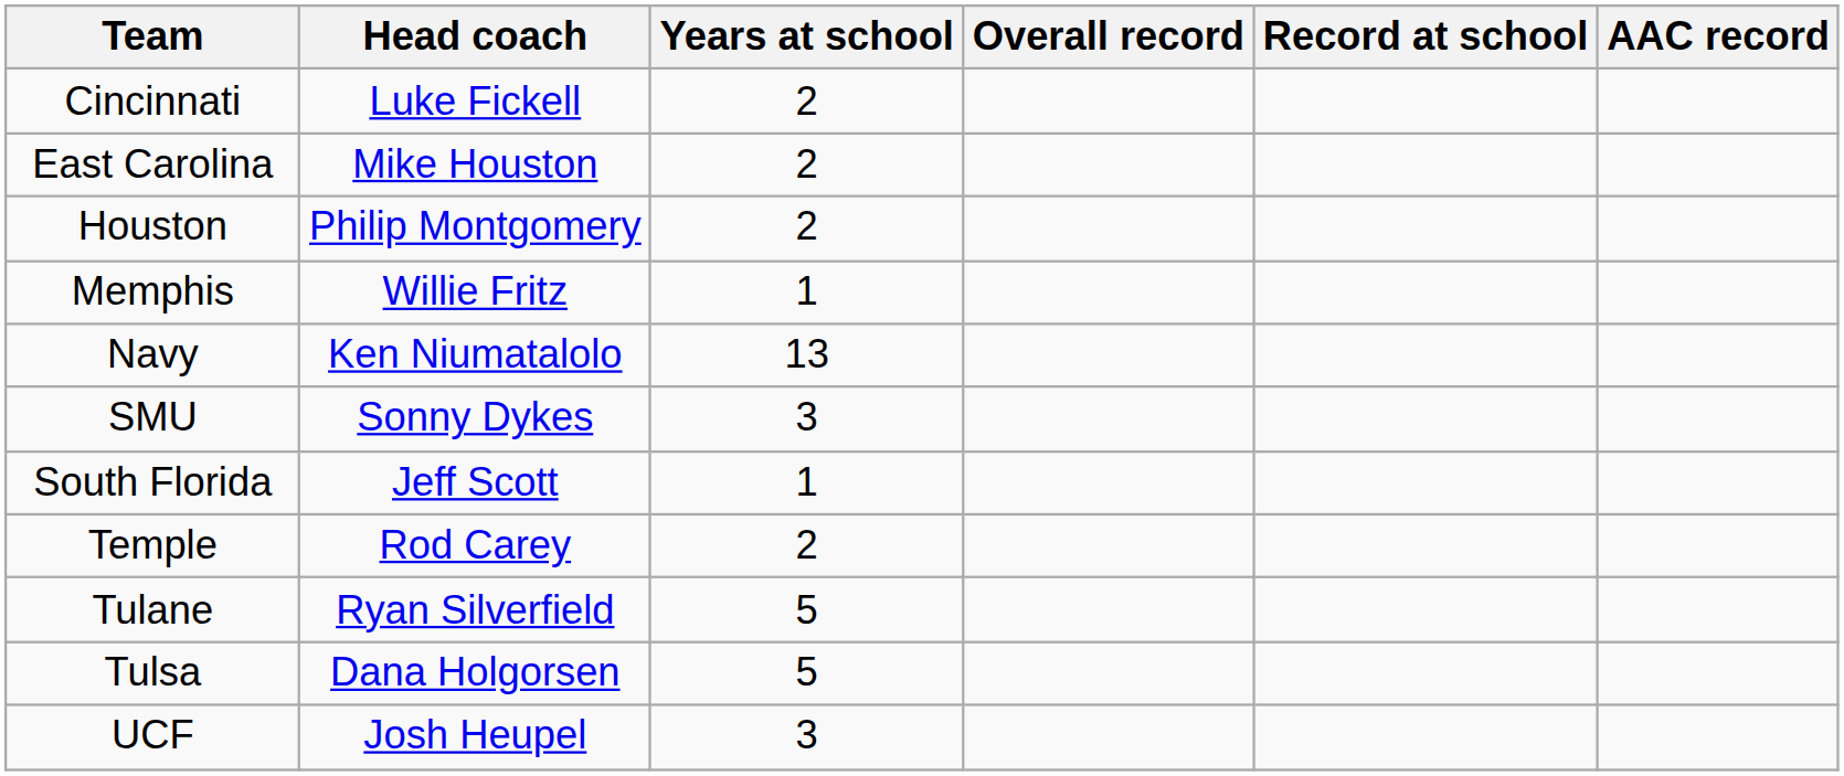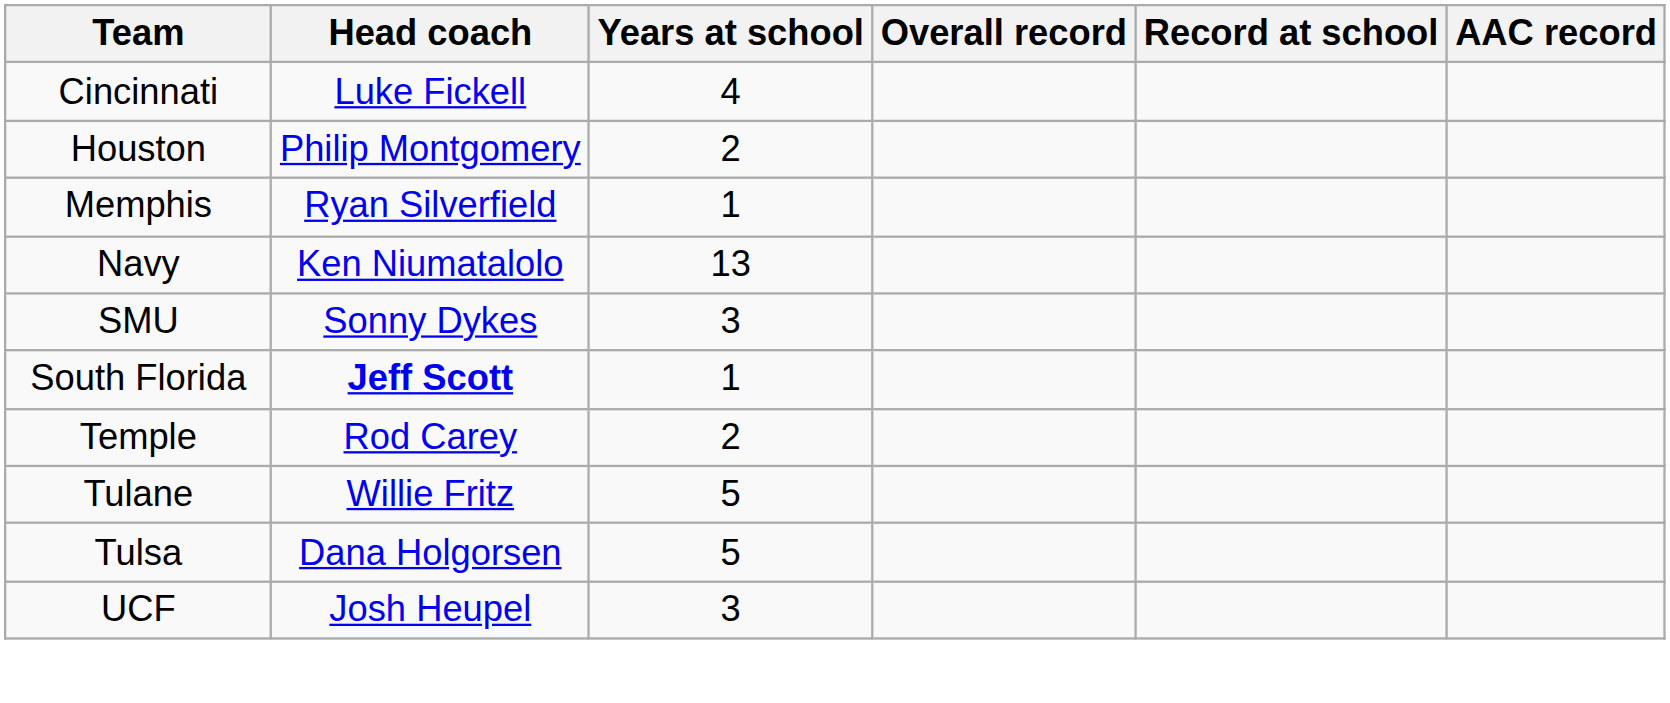 <table class="wikitable sortable" style="text-align: center;">
 <tr>
 <th width="110">Team</th>
 <th>Head coach</th>
 <th>Years at school</th>
 <th>Overall record</th>
 <th>Record at school</th>
 <th>AAC record</th>
 </tr>
 <tr>
 <td>Cincinnati</td>
 <td><a href='#'>Luke Fickell</a></td>
-<td>2</td>
-<td data-sort-value=></td>
-<td data-sort-value=></td>
-<td data-sort-value=></td>
-</tr>
-<tr>
-<td>East Carolina</td>
-<td><a href='#'>Mike Houston</a></td>
-<td>2</td>
+<td>4</td>
 <td data-sort-value=></td>
 <td data-sort-value=></td>
 <td data-sort-value=></td>
 </tr>
 <tr>
 <td>Houston</td>
 <td><a href='#'>Philip Montgomery</a></td>
 <td>2</td>
 <td data-sort-value=></td>
 <td data-sort-value=></td>
 <td data-sort-value=></td>
 </tr>
 <tr>
 <td>Memphis</td>
-<td><a href='#'>Willie Fritz</a></td>
+<td><a href='#'>Ryan Silverfield</a></td>
 <td>1</td>
 <td data-sort-value=></td>
 <td data-sort-value=></td>
 <td data-sort-value=></td>
 </tr>
 <tr>
 <td>Navy</td>
 <td><a href='#'>Ken Niumatalolo</a></td>
 <td>13</td>
 <td data-sort-value=></td>
 <td data-sort-value=></td>
 <td data-sort-value=></td>
 </tr>
 <tr>
 <td>SMU</td>
 <td><a href='#'>Sonny Dykes</a></td>
 <td>3</td>
 <td data-sort-value=></td>
 <td data-sort-value=></td>
 <td data-sort-value=></td>
 </tr>
 <tr>
 <td>South Florida</td>
-<td><a href='#'>Jeff Scott</a></td>
+<td><strong><a href='#'>Jeff Scott</a></strong></td>
 <td>1</td>
 <td data-sort-value=></td>
 <td data-sort-value=></td>
 <td data-sort-value=></td>
 </tr>
 <tr>
 <td>Temple</td>
 <td><a href='#'>Rod Carey</a></td>
 <td>2</td>
 <td data-sort-value=></td>
 <td data-sort-value=></td>
 <td data-sort-value=></td>
 </tr>
 <tr>
 <td>Tulane</td>
-<td><a href='#'>Ryan Silverfield</a></td>
+<td><a href='#'>Willie Fritz</a></td>
 <td>5</td>
 <td data-sort-value=></td>
 <td data-sort-value=></td>
 <td data-sort-value=></td>
 </tr>
 <tr>
 <td>Tulsa</td>
 <td><a href='#'>Dana Holgorsen</a></td>
 <td>5</td>
 <td data-sort-value=></td>
 <td data-sort-value=></td>
 <td data-sort-value=></td>
 </tr>
 <tr>
 <td>UCF</td>
 <td><a href='#'>Josh Heupel</a></td>
 <td>3</td>
 <td data-sort-value=></td>
 <td data-sort-value=></td>
 <td data-sort-value=></td>
 </tr>
 </table>
